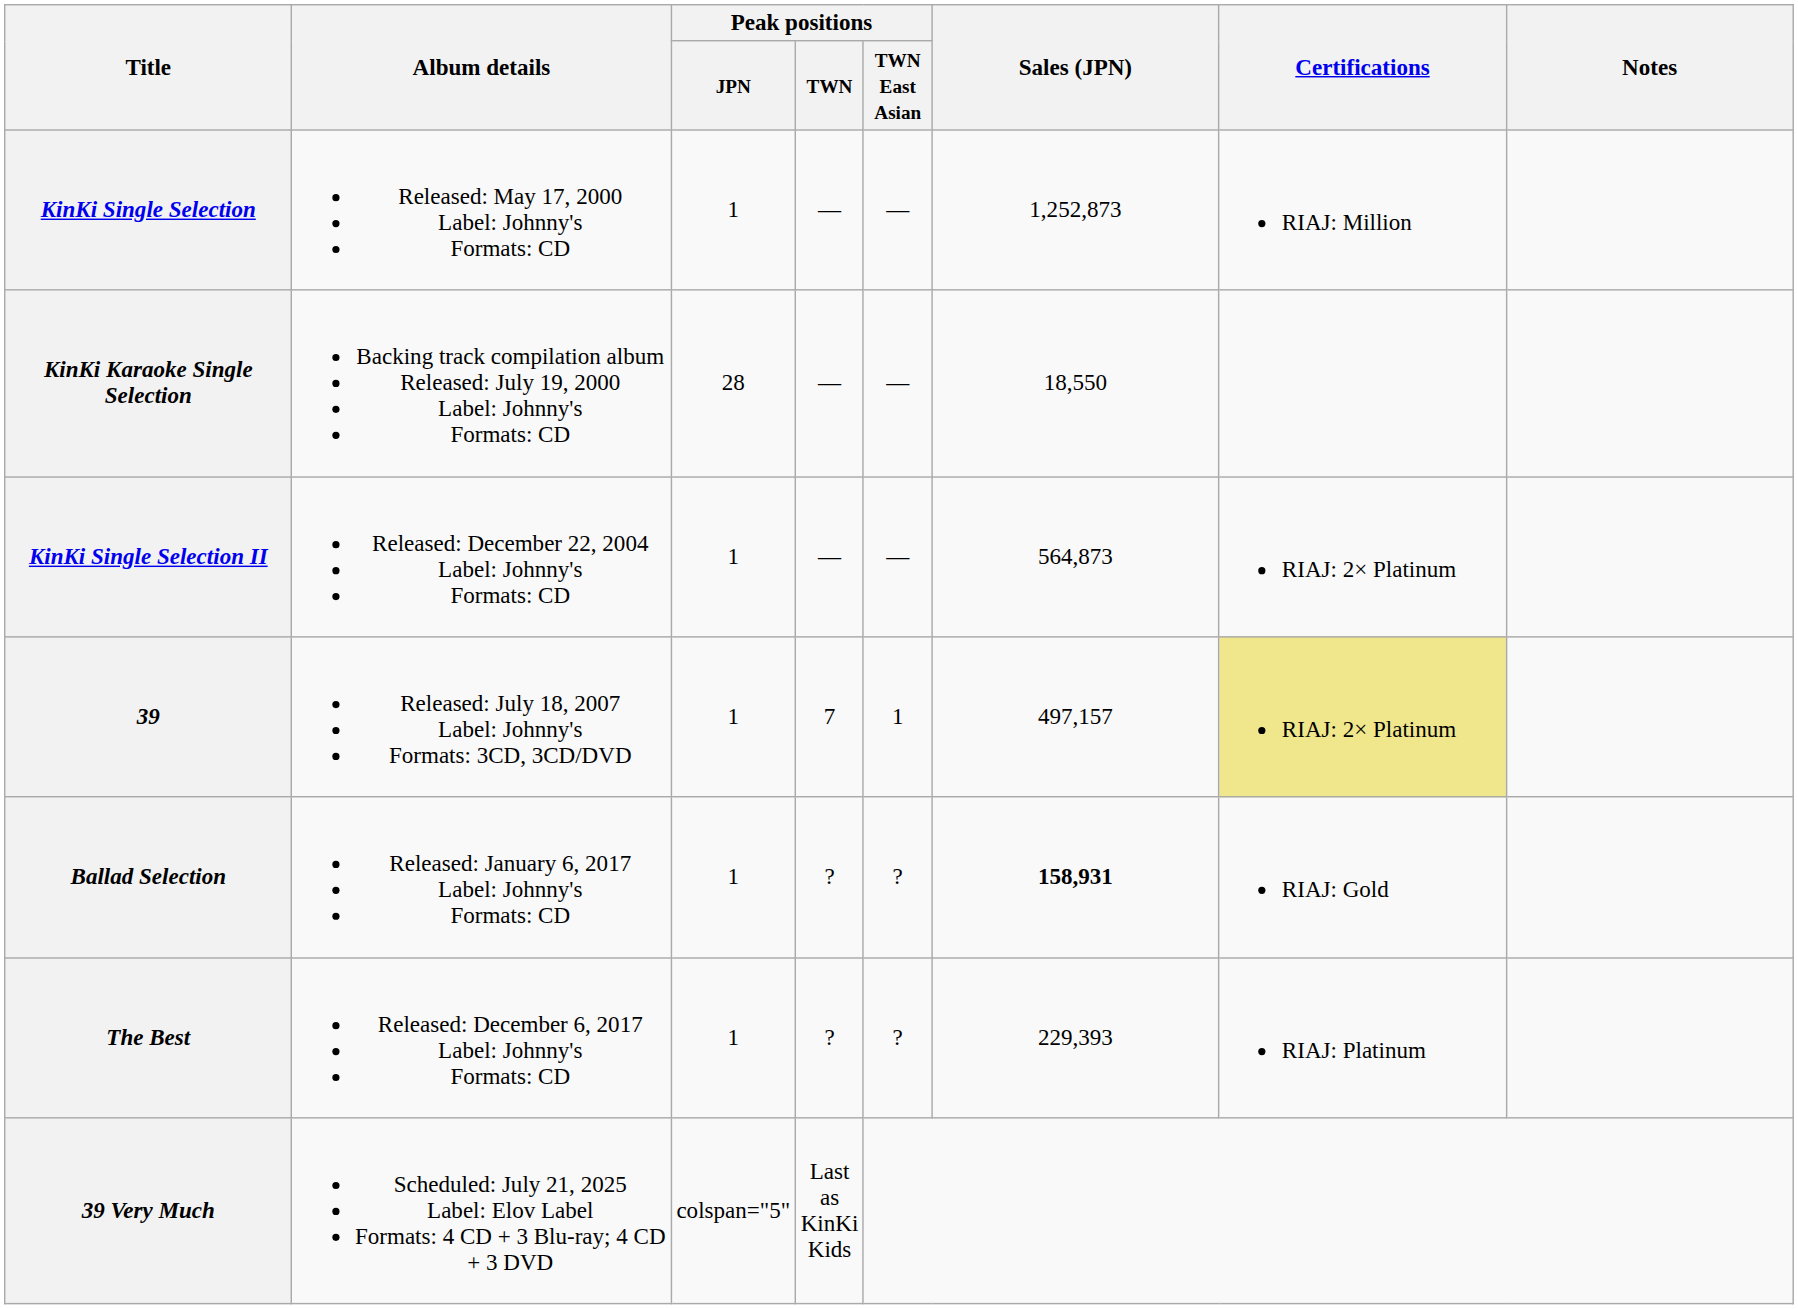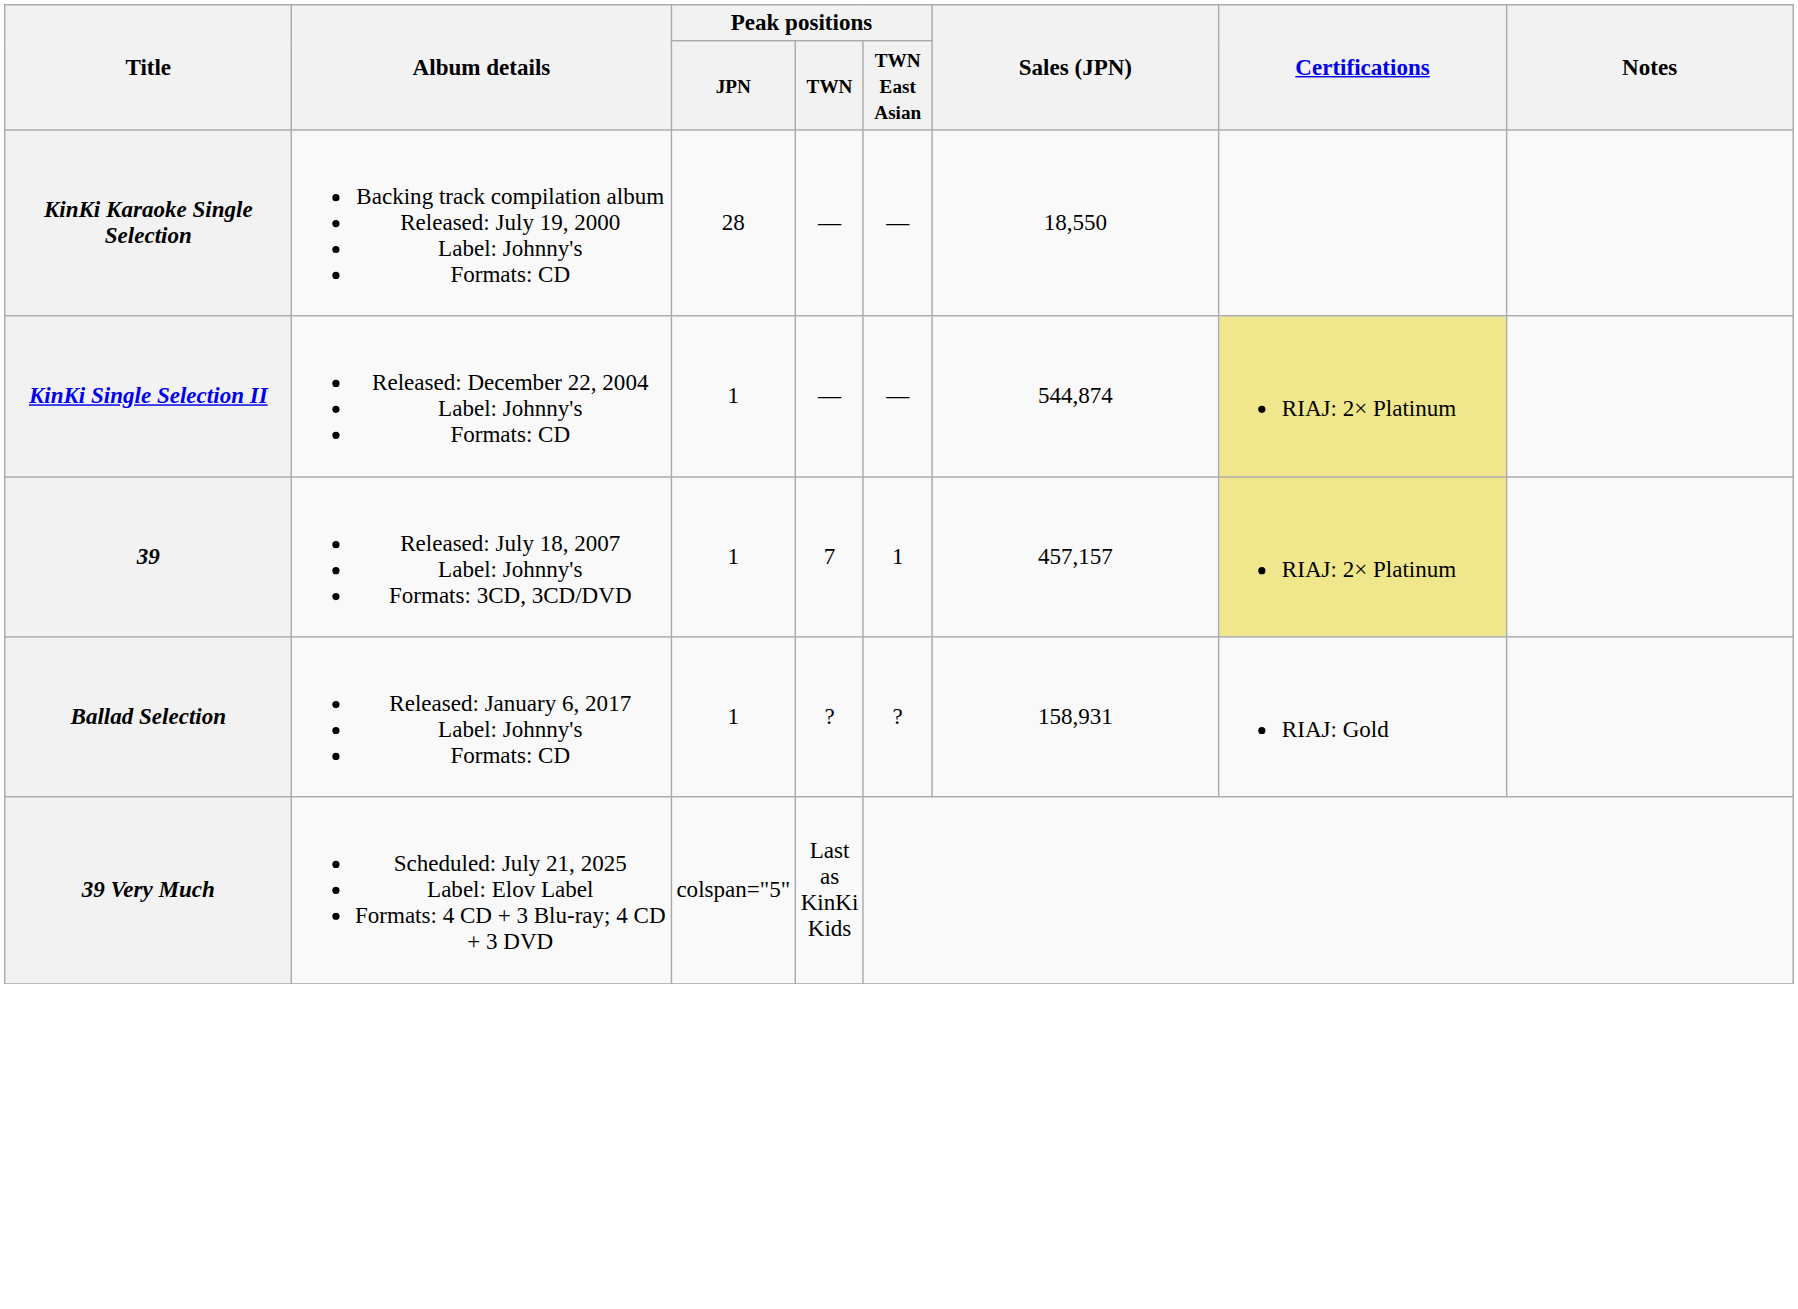 <table class="wikitable plainrowheaders" style="text-align:center;">
 <tr>
 <th style="width:12em;" rowspan="2">Title</th>
 <th style="width:16em;" rowspan="2">Album details</th>
 <th colspan="3">Peak positions</th>
 <th style="width:12em;" rowspan="2">Sales (JPN)</th>
 <th style="width:12em;" rowspan="2"><a href='#'>Certifications</a></th>
 <th style="width:12em;" rowspan="2">Notes</th>
 </tr>
 <tr>
 <th style="width:2.5em;"><small>JPN</small><br></th>
 <th style="width:2.5em;"><small>TWN</small><br></th>
 <th style="width:2.5em;"><small>TWN East Asian</small><br></th>
-</tr>
-<tr>
-<th scope="row"><em><a href='#'>KinKi Single Selection</a></em></th>
-<td><br><ul><li>Released: May 17, 2000</li><li>Label: Johnny's</li><li>Formats: CD</li></ul></td>
-<td>1</td>
-<td>—</td>
-<td>—</td>
-<td>1,252,873</td>
-<td align="left"><br><ul><li>RIAJ: Million</li></ul></td>
-<td></td>
 </tr>
 <tr>
 <th scope="row"><em>KinKi Karaoke Single Selection</em></th>
 <td><br><ul><li>Backing track compilation album</li><li>Released: July 19, 2000</li><li>Label: Johnny's</li><li>Formats: CD</li></ul></td>
 <td>28</td>
 <td>—</td>
 <td>—</td>
 <td>18,550</td>
 <td align="left"></td>
 <td></td>
 </tr>
 <tr>
 <th scope="row"><em><a href='#'>KinKi Single Selection II</a></em></th>
 <td><br><ul><li>Released: December 22, 2004</li><li>Label: Johnny's</li><li>Formats: CD</li></ul></td>
 <td>1</td>
 <td>—</td>
 <td>—</td>
-<td>564,873</td>
-<td align="left"><br><ul><li>RIAJ: 2× Platinum</li></ul></td>
+<td>544,874</td>
+<td align="left" style="background: khaki;"><br><ul><li>RIAJ: 2× Platinum</li></ul></td>
 <td></td>
 </tr>
 <tr>
 <th scope="row"><em>39</em></th>
 <td><br><ul><li>Released: July 18, 2007</li><li>Label: Johnny's</li><li>Formats: 3CD, 3CD/DVD</li></ul></td>
 <td>1</td>
 <td>7</td>
 <td>1</td>
-<td>497,157</td>
+<td>457,157</td>
 <td align="left" style="background: khaki;"><br><ul><li>RIAJ: 2× Platinum</li></ul></td>
 <td></td>
 </tr>
 <tr>
 <th scope="row"><em>Ballad Selection</em></th>
 <td><br><ul><li>Released: January 6, 2017</li><li>Label: Johnny's</li><li>Formats: CD</li></ul></td>
 <td>1</td>
 <td>?</td>
 <td>?</td>
-<td><strong>158,931</strong></td>
+<td>158,931</td>
 <td align="left"><br><ul><li>RIAJ: Gold</li></ul></td>
-<td></td>
-</tr>
-<tr>
-<th scope="row"><em>The Best</em></th>
-<td><br><ul><li>Released: December 6, 2017</li><li>Label: Johnny's</li><li>Formats: CD</li></ul></td>
-<td>1</td>
-<td>?</td>
-<td>?</td>
-<td>229,393</td>
-<td align="left"><br><ul><li>RIAJ: Platinum</li></ul></td>
 <td></td>
 </tr>
 <tr>
 <th scope="row"><em>39 Very Much</em></th>
 <td><br><ul><li>Scheduled: July 21, 2025</li><li>Label: Elov Label</li><li>Formats: 4 CD + 3 Blu-ray; 4 CD + 3 DVD</li></ul></td>
 <td>colspan="5" </td>
 <td>Last as KinKi Kids</td>
 </tr>
 </table>
